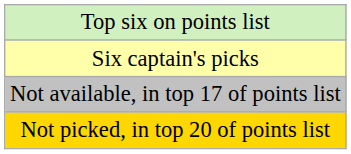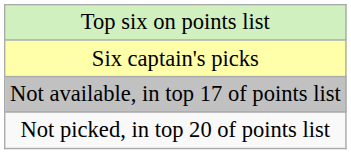 <table class=wikitable style="text-align:center">
 <tr style="background:#d0f0c0;">
 <td>Top six on points list</td>
 </tr>
 <tr style="background:#ffa;">
 <td>Six captain's picks</td>
 </tr>
 <tr style="background:#c1c1c1;">
 <td>Not available, in top 17 of points list</td>
 </tr>
 <tr>
-<td style="background: gold;">Not picked, in top 20 of points list</td>
+<td>Not picked, in top 20 of points list</td>
 </tr>
 </table>
